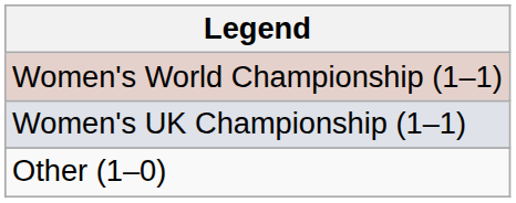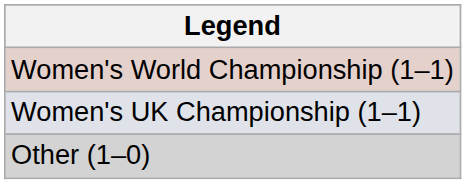 <table class="wikitable">
 <tr>
 <th>Legend</th>
 </tr>
 <tr bgcolor="#e5d1cb">
 <td>Women's World Championship (1–1)</td>
 </tr>
 <tr bgcolor="dfe2e9">
 <td>Women's UK Championship (1–1)</td>
 </tr>
 <tr>
-<td>Other (1–0)</td>
+<td style="background: lightgrey;">Other (1–0)</td>
 </tr>
 </table>
